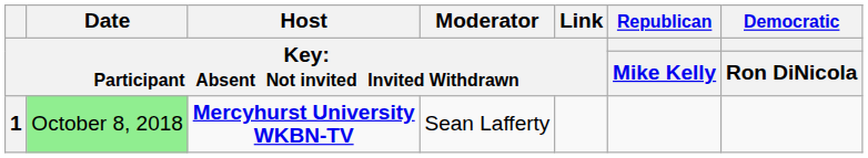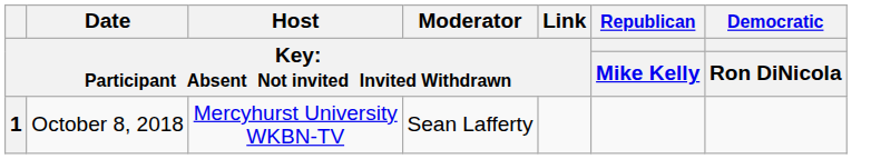 <table class="wikitable" style="text-align:center;">
 <tr>
 <th scope="col"></th>
 <th scope="col">Date</th>
 <th scope="col">Host</th>
 <th scope="col">Moderator</th>
 <th scope="col">Link</th>
 <th scope="col"><small><a href='#'>Republican</a></small></th>
 <th scope="col"><small><a href='#'>Democratic</a></small></th>
 </tr>
 <tr>
 <th colspan="5" rowspan="2">Key:<br> <small>Participant </small>  <small>Absent </small>  <small>Not invited </small>  <small>Invited  Withdrawn</small></th>
 <th scope="col" style="background:"></th>
 <th scope="col" style="background:"></th>
 </tr>
 <tr>
 <th scope="col"><a href='#'>Mike Kelly</a></th>
 <th scope="col">Ron DiNicola</th>
 </tr>
 <tr>
 <th>1</th>
-<td style="background: lightgreen; white-space:nowrap;">October 8, 2018</td>
-<td style="white-space:nowrap;"><strong><a href='#'>Mercyhurst University</a><br><a href='#'>WKBN-TV</a></strong></td>
+<td style="white-space:nowrap;">October 8, 2018</td>
+<td style="white-space:nowrap;"><a href='#'>Mercyhurst University</a><br><a href='#'>WKBN-TV</a></td>
 <td style="white-space:nowrap;">Sean Lafferty</td>
 <td style="white-space:nowrap;"></td>
 <td></td>
 <td></td>
 </tr>
 </table>
